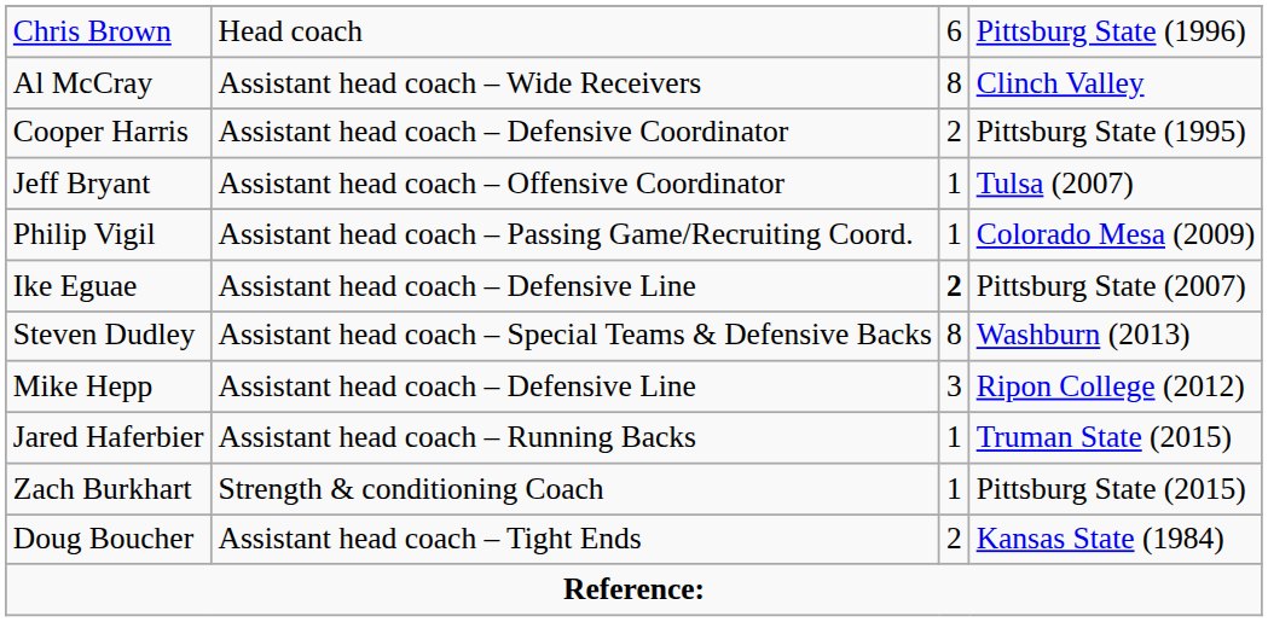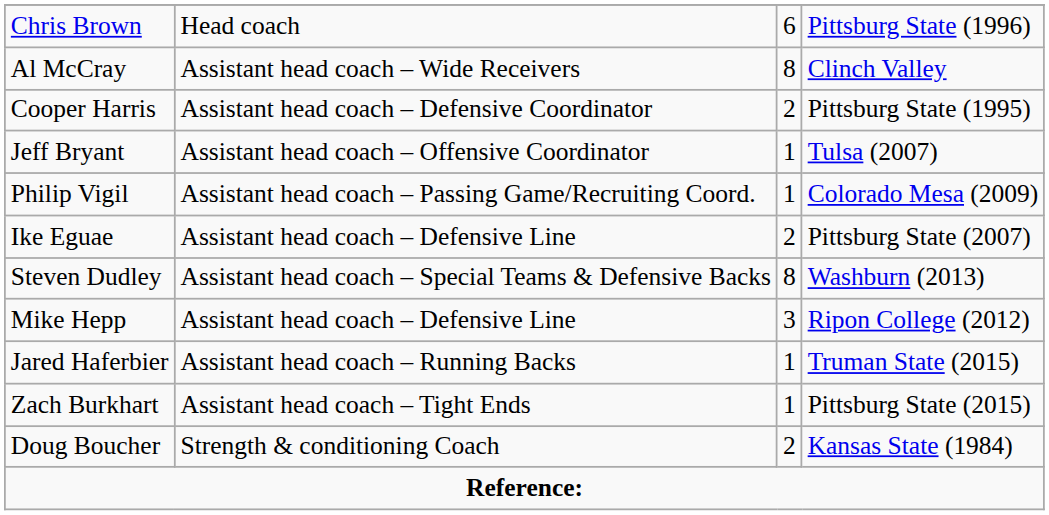 <table class="wikitable" border="1" style="font-size:90%;">
 <tr>
 </tr>
 <tr>
 <td><a href='#'>Chris Brown</a></td>
 <td>Head coach</td>
 <td align=center>6</td>
 <td><a href='#'>Pittsburg State</a> (1996)</td>
 </tr>
 <tr>
 <td>Al McCray</td>
 <td>Assistant head coach – Wide Receivers</td>
 <td align=center>8</td>
 <td><a href='#'>Clinch Valley</a></td>
 </tr>
 <tr>
 <td>Cooper Harris</td>
 <td>Assistant head coach – Defensive Coordinator</td>
 <td align=center>2</td>
 <td>Pittsburg State (1995)</td>
 </tr>
 <tr>
 <td>Jeff Bryant</td>
 <td>Assistant head coach – Offensive Coordinator</td>
 <td align=center>1</td>
 <td><a href='#'>Tulsa</a> (2007)</td>
 </tr>
 <tr>
 <td>Philip Vigil</td>
 <td>Assistant head coach – Passing Game/Recruiting Coord.</td>
 <td align=center>1</td>
 <td><a href='#'>Colorado Mesa</a> (2009)</td>
 </tr>
 <tr>
 <td>Ike Eguae</td>
 <td>Assistant head coach – Defensive Line</td>
-<td align=center><strong>2</strong></td>
+<td align=center>2</td>
 <td>Pittsburg State (2007)</td>
 </tr>
 <tr>
 <td>Steven Dudley</td>
 <td>Assistant head coach – Special Teams & Defensive Backs</td>
 <td align=center>8</td>
 <td><a href='#'>Washburn</a> (2013)</td>
 </tr>
 <tr>
 <td>Mike Hepp</td>
 <td>Assistant head coach – Defensive Line</td>
 <td align=center>3</td>
 <td><a href='#'>Ripon College</a> (2012)</td>
 </tr>
 <tr>
 <td>Jared Haferbier</td>
 <td>Assistant head coach – Running Backs</td>
 <td align=center>1</td>
 <td><a href='#'>Truman State</a> (2015)</td>
 </tr>
 <tr>
 <td>Zach Burkhart</td>
-<td>Strength & conditioning Coach</td>
+<td>Assistant head coach – Tight Ends</td>
 <td align=center>1</td>
 <td>Pittsburg State (2015)</td>
 </tr>
 <tr>
 <td>Doug Boucher</td>
-<td>Assistant head coach – Tight Ends</td>
+<td>Strength & conditioning Coach</td>
 <td align=center>2</td>
 <td><a href='#'>Kansas State</a> (1984)</td>
 </tr>
 <tr align="center">
 <td colspan=4><strong>Reference:</strong></td>
 </tr>
 </table>
